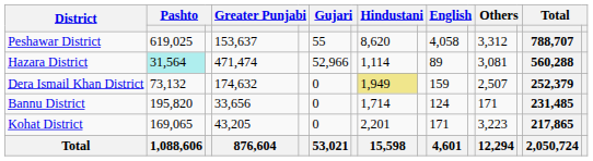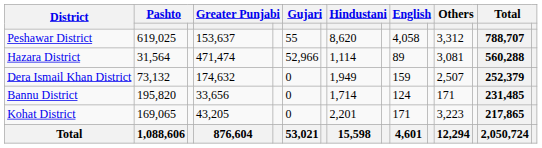 <table class="wikitable sortable">
 <tr>
 <th rowspan="2"><a href='#'>District</a></th>
 <th colspan="2"><a href='#'>Pashto</a></th>
 <th colspan="2"><a href='#'>Greater Punjabi</a></th>
 <th colspan="2"><a href='#'>Gujari</a></th>
 <th colspan="2"><a href='#'>Hindustani</a></th>
 <th colspan="2"><a href='#'>English</a></th>
 <th colspan="2">Others</th>
 <th colspan="2">Total</th>
 </tr>
 <tr>
 <th><a href='#'></a></th>
 <th></th>
 <th></th>
 <th></th>
 <th></th>
 <th></th>
 <th></th>
 <th></th>
 <th></th>
 <th></th>
 <th></th>
 <th></th>
 <th></th>
 <th></th>
 </tr>
 <tr>
 <td><a href='#'>Peshawar District</a></td>
 <td>619,025</td>
 <td></td>
 <td>153,637</td>
 <td></td>
 <td>55</td>
 <td></td>
 <td>8,620</td>
 <td></td>
 <td>4,058</td>
 <td></td>
 <td>3,312</td>
 <td></td>
 <th>788,707</th>
 <th></th>
 </tr>
 <tr>
 <td><a href='#'>Hazara District</a></td>
-<td style="background: paleturquoise;">31,564</td>
+<td>31,564</td>
 <td></td>
 <td>471,474</td>
 <td></td>
 <td>52,966</td>
 <td></td>
 <td>1,114</td>
 <td></td>
 <td>89</td>
 <td></td>
 <td>3,081</td>
 <td></td>
 <th>560,288</th>
 <th></th>
 </tr>
 <tr>
 <td><a href='#'>Dera Ismail Khan District</a></td>
 <td>73,132</td>
 <td></td>
 <td>174,632</td>
 <td></td>
 <td>0</td>
 <td></td>
-<td style="background: khaki;">1,949</td>
+<td>1,949</td>
 <td></td>
 <td>159</td>
 <td></td>
 <td>2,507</td>
 <td></td>
 <th>252,379</th>
 <th></th>
 </tr>
 <tr>
 <td><a href='#'>Bannu District</a></td>
 <td>195,820</td>
 <td></td>
 <td>33,656</td>
 <td></td>
 <td>0</td>
 <td></td>
 <td>1,714</td>
 <td></td>
 <td>124</td>
 <td></td>
 <td>171</td>
 <td></td>
 <th>231,485</th>
 <th></th>
 </tr>
 <tr>
 <td><a href='#'>Kohat District</a></td>
 <td>169,065</td>
 <td></td>
 <td>43,205</td>
 <td></td>
 <td>0</td>
 <td></td>
 <td>2,201</td>
 <td></td>
 <td>171</td>
 <td></td>
 <td>3,223</td>
 <td></td>
 <th>217,865</th>
 <th></th>
 </tr>
 <tr>
 <th>Total</th>
 <th>1,088,606</th>
 <th></th>
 <th>876,604</th>
 <th></th>
 <th>53,021</th>
 <th></th>
 <th>15,598</th>
 <th></th>
 <th>4,601</th>
 <th></th>
 <th>12,294</th>
 <th></th>
 <th>2,050,724</th>
 <th></th>
 </tr>
 </table>
